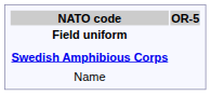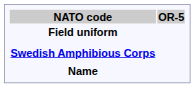 <table style="border:1px solid #8888aa; background-color:#f7f8ff; padding:5px; font-size:95%; margin: 0px 12px 12px 0px; text-align:center;">
 <tr bgcolor="#CCCCCC">
 <th>NATO code</th>
 <th>OR-5</th>
 </tr>
 <tr>
 <th>Field uniform</th>
 <td></td>
 </tr>
 <tr>
 <td><strong></strong></td>
 <td></td>
 </tr>
 <tr>
 <td><strong></strong></td>
 <td></td>
 </tr>
 <tr>
 <td><strong> <a href='#'>Swedish Amphibious Corps</a></strong></td>
 <td></td>
 </tr>
 <tr>
 <td><strong></strong></td>
 <td></td>
 </tr>
 <tr>
-<td>Name</td>
+<td><strong>Name</strong></td>
 <td></td>
 </tr>
 </table>
